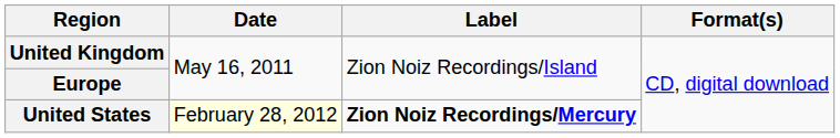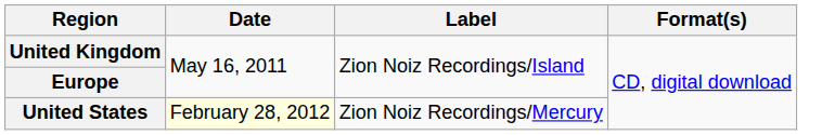 <table class="wikitable plainrowheaders">
 <tr>
 <th scope="col">Region</th>
 <th scope="col">Date</th>
 <th scope="col">Label</th>
 <th scope="col">Format(s)</th>
 </tr>
 <tr>
 <th scope="row">United Kingdom</th>
 <td rowspan="2">May 16, 2011</td>
 <td rowspan="2">Zion Noiz Recordings/<a href='#'>Island</a></td>
 <td rowspan="3"><a href='#'>CD</a>, <a href='#'>digital download</a></td>
 </tr>
 <tr>
 <th scope="row">Europe</th>
 </tr>
 <tr>
 <th scope="row">United States</th>
 <td style="background: lightyellow;">February 28, 2012</td>
-<td><strong>Zion Noiz Recordings/<a href='#'>Mercury</a></strong></td>
+<td>Zion Noiz Recordings/<a href='#'>Mercury</a></td>
 </tr>
 </table>
